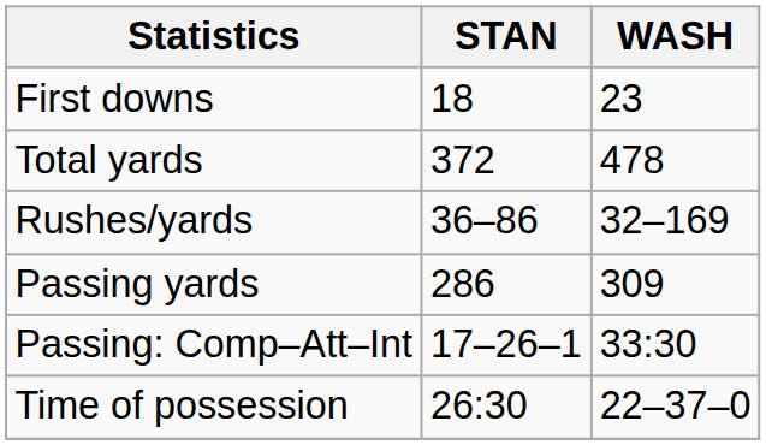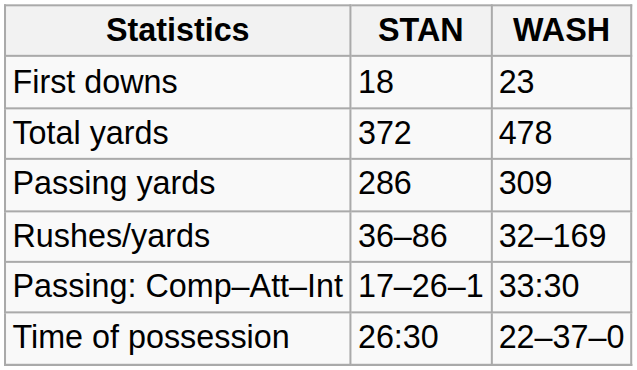 <table class="wikitable" style="float: left;">
 <tr>
 <th>Statistics</th>
 <th>STAN</th>
 <th>WASH</th>
 </tr>
 <tr>
 <td>First downs</td>
 <td>18</td>
 <td>23</td>
 </tr>
 <tr>
 <td>Total yards</td>
 <td>372</td>
 <td>478</td>
 </tr>
 <tr>
+<td>Passing yards</td>
+<td>286</td>
+<td>309</td>
+</tr>
+<tr>
 <td>Rushes/yards</td>
 <td>36–86</td>
 <td>32–169</td>
-</tr>
-<tr>
-<td>Passing yards</td>
-<td>286</td>
-<td>309</td>
 </tr>
 <tr>
 <td>Passing: Comp–Att–Int</td>
 <td>17–26–1</td>
 <td>33:30</td>
 </tr>
 <tr>
 <td>Time of possession</td>
 <td>26:30</td>
 <td>22–37–0</td>
 </tr>
 <tr>
 </tr>
 </table>
